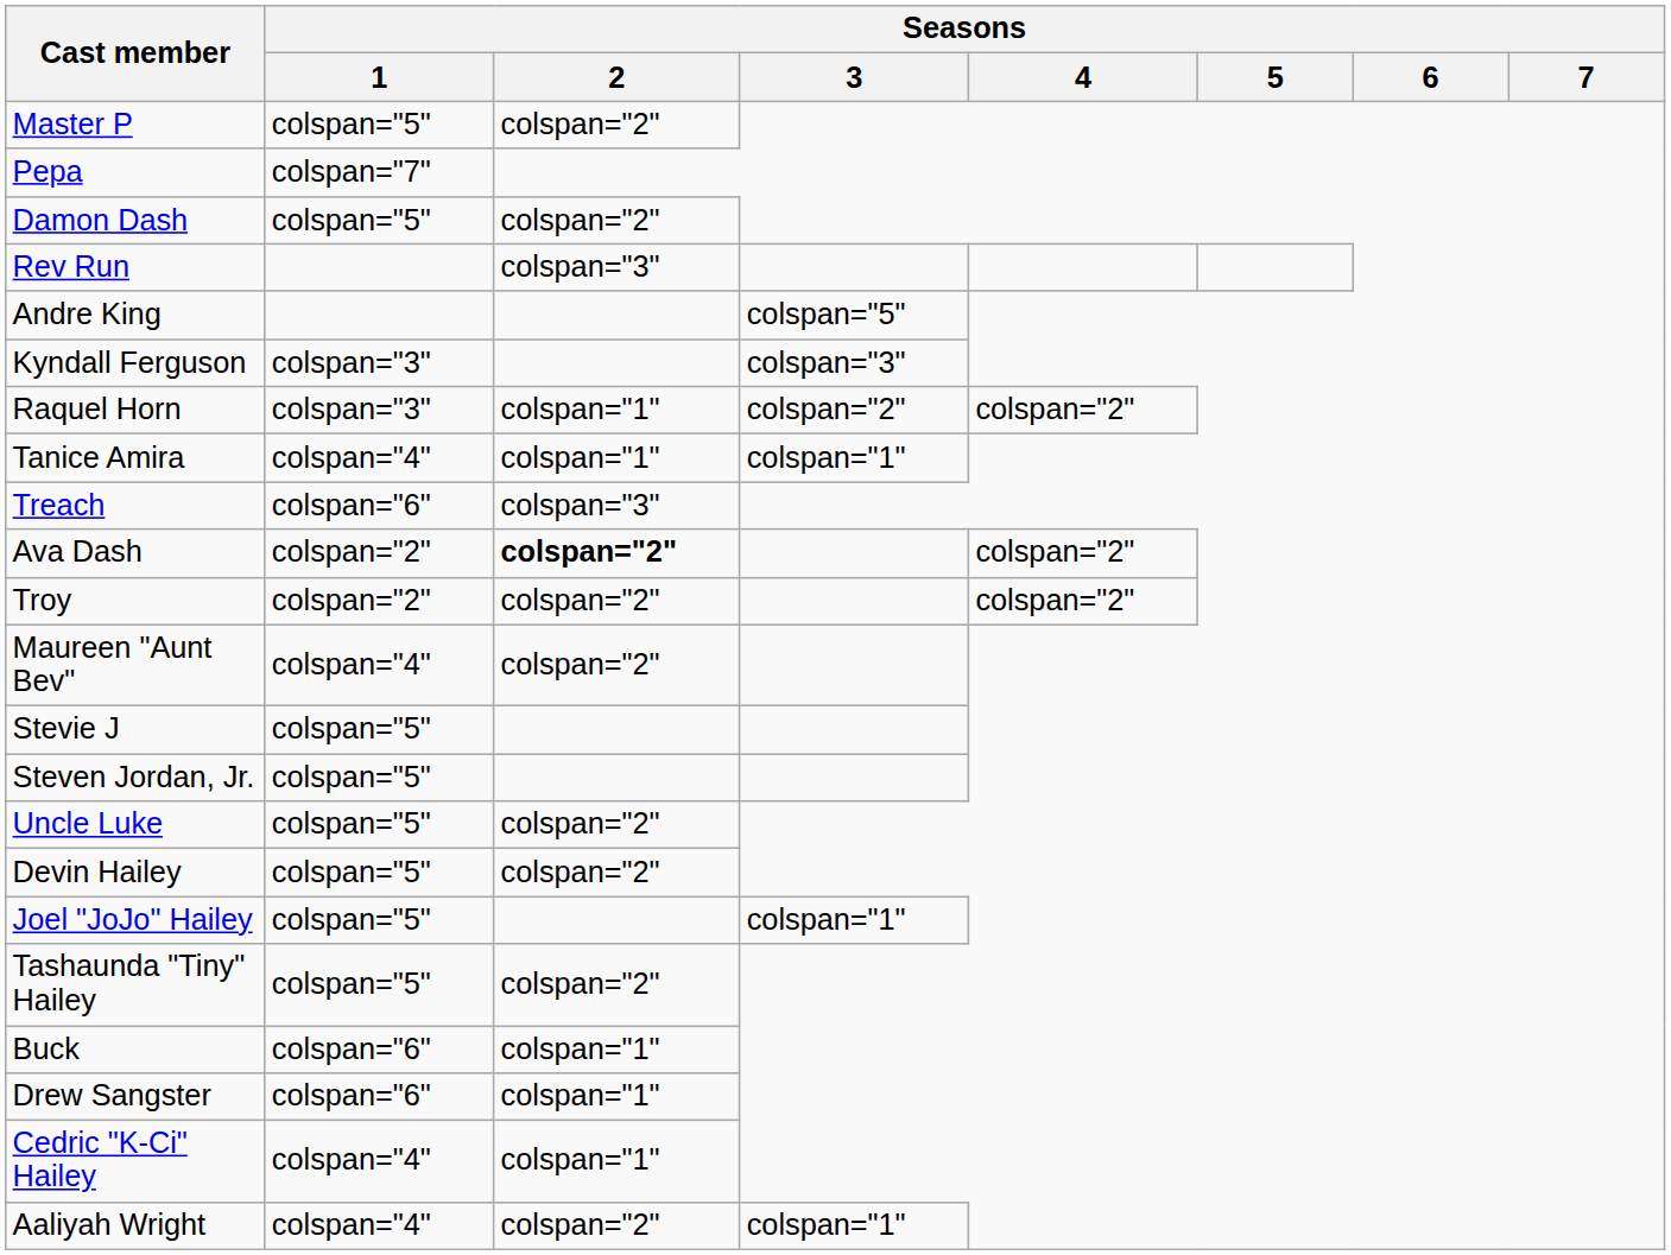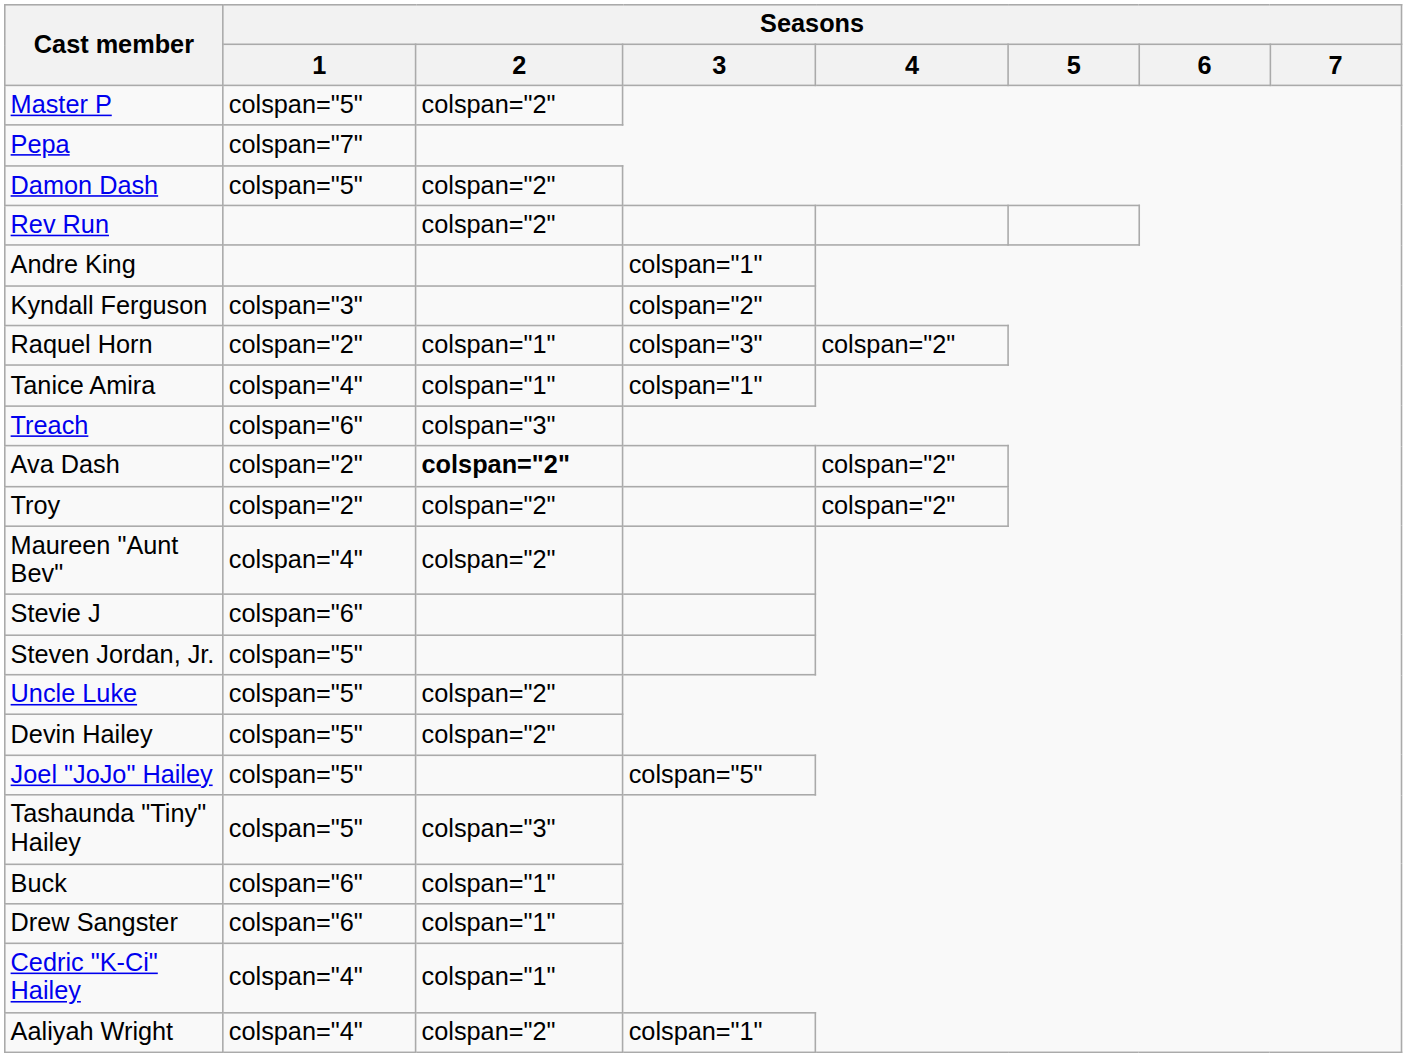 <table class="wikitable plainrowheaders" style="width:70%;">
 <tr>
 <th scope="col" rowspan="2" style="width:10%;">Cast member</th>
 <th scope="col" colspan="7">Seasons</th>
 </tr>
 <tr>
 <th scope="col" style="width:6%;">1</th>
 <th scope="col" style="width:6%;">2</th>
 <th scope="col" style="width:6%;">3</th>
 <th scope="col" style="width:6%;">4</th>
 <th scope="col" style="width:6%;">5</th>
 <th scope="col" style="width:6%;">6</th>
 <th scope="col" style="width:6%;">7</th>
 </tr>
 <tr>
 <td scope="row"><a href='#'>Master P</a></td>
 <td>colspan="5" </td>
 <td>colspan="2" </td>
 </tr>
 <tr>
 <td scope="row"><a href='#'>Pepa</a></td>
 <td>colspan="7" </td>
 </tr>
 <tr>
 <td scope="row"><a href='#'>Damon Dash</a></td>
 <td>colspan="5" </td>
 <td>colspan="2" </td>
 </tr>
 <tr>
 <td scope="row"><a href='#'>Rev Run</a></td>
 <td></td>
-<td>colspan="3" </td>
+<td>colspan="2" </td>
 <td></td>
 <td></td>
 <td></td>
 </tr>
 <tr>
 <td scope="row">Andre King</td>
 <td></td>
 <td></td>
-<td>colspan="5" </td>
+<td>colspan="1" </td>
 </tr>
 <tr>
 <td scope="row">Kyndall Ferguson</td>
 <td>colspan="3" </td>
 <td></td>
-<td>colspan="3" </td>
+<td>colspan="2" </td>
 </tr>
 <tr>
 <td scope="row">Raquel Horn</td>
+<td>colspan="2" </td>
+<td>colspan="1" </td>
 <td>colspan="3" </td>
-<td>colspan="1" </td>
-<td>colspan="2" </td>
 <td>colspan="2" </td>
 </tr>
 <tr>
 <td scope="row">Tanice Amira</td>
 <td>colspan="4" </td>
 <td>colspan="1" </td>
 <td>colspan="1" </td>
 </tr>
 <tr>
 <td scope="row"><a href='#'>Treach</a></td>
 <td>colspan="6" </td>
 <td>colspan="3" </td>
 </tr>
 <tr>
 <td scope="row">Ava Dash</td>
 <td>colspan="2" </td>
 <td><strong>colspan="2" </strong></td>
 <td></td>
 <td>colspan="2" </td>
 </tr>
 <tr>
 <td scope="row">Troy</td>
 <td>colspan="2" </td>
 <td>colspan="2" </td>
 <td></td>
 <td>colspan="2" </td>
 </tr>
 <tr>
 <td scope="row">Maureen "Aunt Bev"</td>
 <td>colspan="4" </td>
 <td>colspan="2" </td>
 <td></td>
 </tr>
 <tr>
 <td scope="row">Stevie J</td>
-<td>colspan="5" </td>
+<td>colspan="6" </td>
 <td></td>
 <td></td>
 </tr>
 <tr>
 <td scope="row">Steven Jordan, Jr.</td>
 <td>colspan="5" </td>
 <td></td>
 <td></td>
 </tr>
 <tr>
 <td scope="row"><a href='#'>Uncle Luke</a></td>
 <td>colspan="5" </td>
 <td>colspan="2" </td>
 </tr>
 <tr>
 <td scope="row">Devin Hailey</td>
 <td>colspan="5" </td>
 <td>colspan="2" </td>
 </tr>
 <tr>
 <td scope="row"><a href='#'>Joel "JoJo" Hailey</a></td>
 <td>colspan="5" </td>
 <td></td>
-<td>colspan="1" </td>
+<td>colspan="5" </td>
 </tr>
 <tr>
 <td scope="row">Tashaunda "Tiny" Hailey</td>
 <td>colspan="5" </td>
-<td>colspan="2" </td>
+<td>colspan="3" </td>
 </tr>
 <tr>
 <td scope="row">Buck</td>
 <td>colspan="6" </td>
 <td>colspan="1" </td>
 </tr>
 <tr>
 <td scope="row">Drew Sangster</td>
 <td>colspan="6" </td>
 <td>colspan="1" </td>
 </tr>
 <tr>
 <td scope="row"><a href='#'>Cedric "K-Ci" Hailey</a></td>
 <td>colspan="4" </td>
 <td>colspan="1" </td>
 </tr>
 <tr>
 <td scope="row">Aaliyah Wright</td>
 <td>colspan="4" </td>
 <td>colspan="2" </td>
 <td>colspan="1" </td>
 </tr>
 </table>
